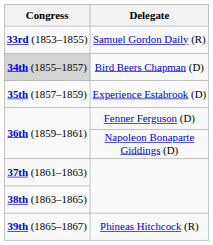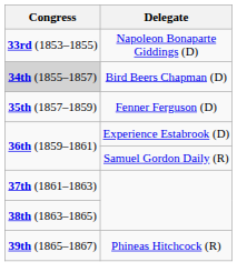 <table class=wikitable style="text-align:center">
 <tr style="height:2em">
 <th>Congress</th>
 <th>Delegate</th>
 </tr>
 <tr style="height:2.5em">
 <td><strong><a href='#'>33rd</a></strong> (1853–1855)</td>
-<td><a href='#'>Samuel Gordon Daily</a> (R)</td>
+<td><a href='#'>Napoleon Bonaparte<br>Giddings</a> (D)</td>
 </tr>
 <tr style="height:2.5em">
 <td style="background: lightgrey;"><strong><a href='#'>34th</a></strong> (1855–1857)</td>
 <td><a href='#'>Bird Beers Chapman</a> (D)</td>
 </tr>
 <tr style="height:2.5em">
 <td><strong><a href='#'>35th</a></strong> (1857–1859)</td>
+<td><a href='#'>Fenner Ferguson</a> (D)</td>
+</tr>
+<tr style="height:2em">
+<td rowspan=2><strong><a href='#'>36th</a></strong> (1859–1861)</td>
 <td><a href='#'>Experience Estabrook</a> (D)</td>
 </tr>
 <tr style="height:2em">
-<td rowspan=2><strong><a href='#'>36th</a></strong> (1859–1861)</td>
-<td><a href='#'>Fenner Ferguson</a> (D)</td>
-</tr>
-<tr style="height:2em">
-<td><a href='#'>Napoleon Bonaparte<br>Giddings</a> (D)</td>
+<td><a href='#'>Samuel Gordon Daily</a> (R)</td>
 </tr>
 <tr style="height:2.5em">
 <td><strong><a href='#'>37th</a></strong> (1861–1863)</td>
 </tr>
 <tr style="height:2.5em">
 <td><strong><a href='#'>38th</a></strong> (1863–1865)</td>
 </tr>
 <tr style="height:2.5em">
 <td><strong><a href='#'>39th</a></strong> (1865–1867)</td>
 <td><a href='#'>Phineas Hitchcock</a> (R)</td>
 </tr>
 </table>
